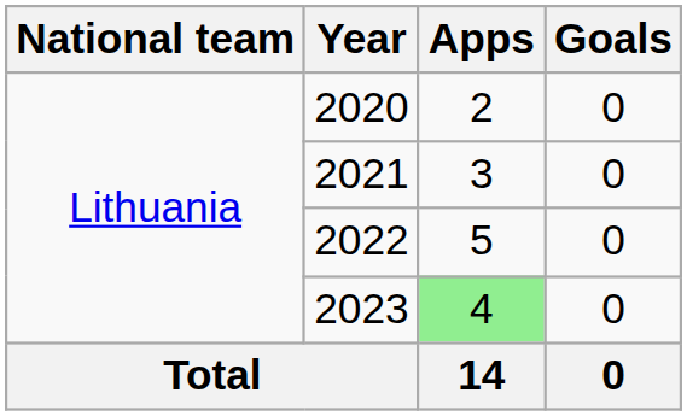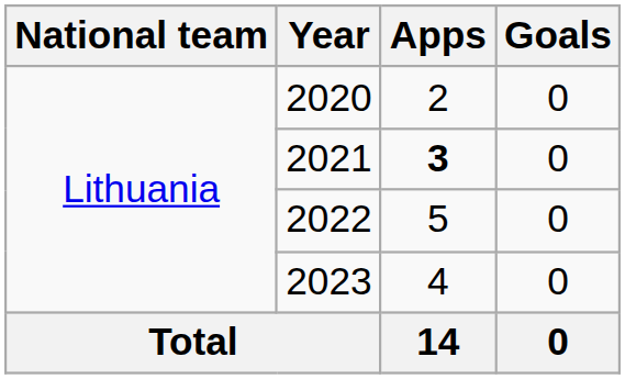 <table class="wikitable" style="text-align:center">
 <tr>
 <th>National team</th>
 <th>Year</th>
 <th>Apps</th>
 <th>Goals</th>
 </tr>
 <tr>
 <td rowspan="4"><a href='#'>Lithuania</a></td>
 <td>2020</td>
 <td>2</td>
 <td>0</td>
 </tr>
 <tr>
 <td>2021</td>
-<td>3</td>
+<td><strong>3</strong></td>
 <td>0</td>
 </tr>
 <tr>
 <td>2022</td>
 <td>5</td>
 <td>0</td>
 </tr>
 <tr>
 <td>2023</td>
-<td style="background: lightgreen;">4</td>
+<td>4</td>
 <td>0</td>
 </tr>
 <tr>
 <th colspan="2">Total</th>
 <th>14</th>
 <th>0</th>
 </tr>
 </table>
